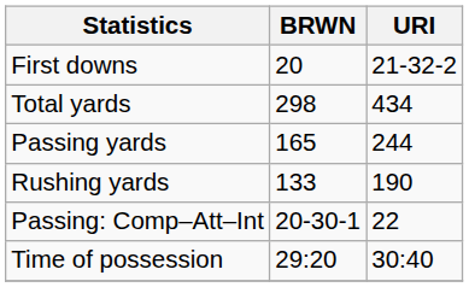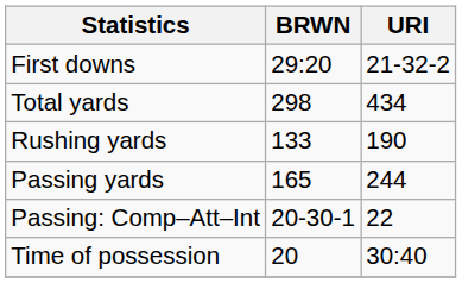 <table class="wikitable" style="float: left;">
 <tr>
 <th>Statistics</th>
 <th>BRWN</th>
 <th>URI</th>
 </tr>
 <tr>
 <td>First downs</td>
-<td>20</td>
+<td>29:20</td>
 <td>21-32-2</td>
 </tr>
 <tr>
 <td>Total yards</td>
 <td>298</td>
 <td>434</td>
 </tr>
 <tr>
+<td>Rushing yards</td>
+<td>133</td>
+<td>190</td>
+</tr>
+<tr>
 <td>Passing yards</td>
 <td>165</td>
 <td>244</td>
-</tr>
-<tr>
-<td>Rushing yards</td>
-<td>133</td>
-<td>190</td>
 </tr>
 <tr>
 <td>Passing: Comp–Att–Int</td>
 <td>20-30-1</td>
 <td>22</td>
 </tr>
 <tr>
 <td>Time of possession</td>
-<td>29:20</td>
+<td>20</td>
 <td>30:40</td>
 </tr>
 <tr>
 </tr>
 </table>
